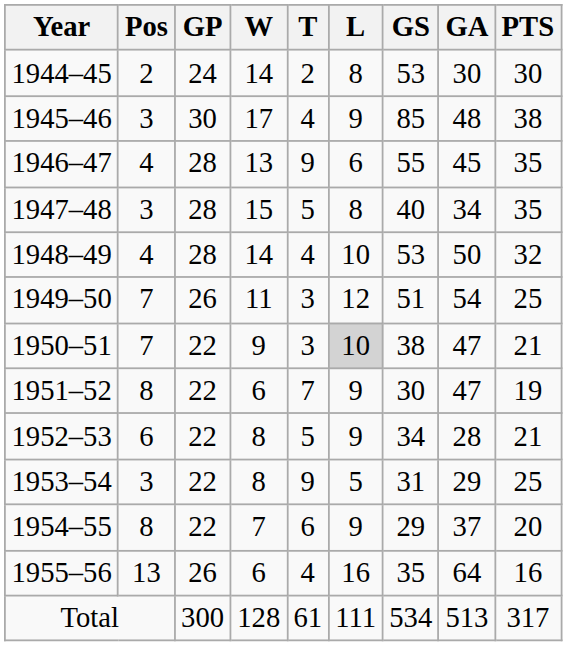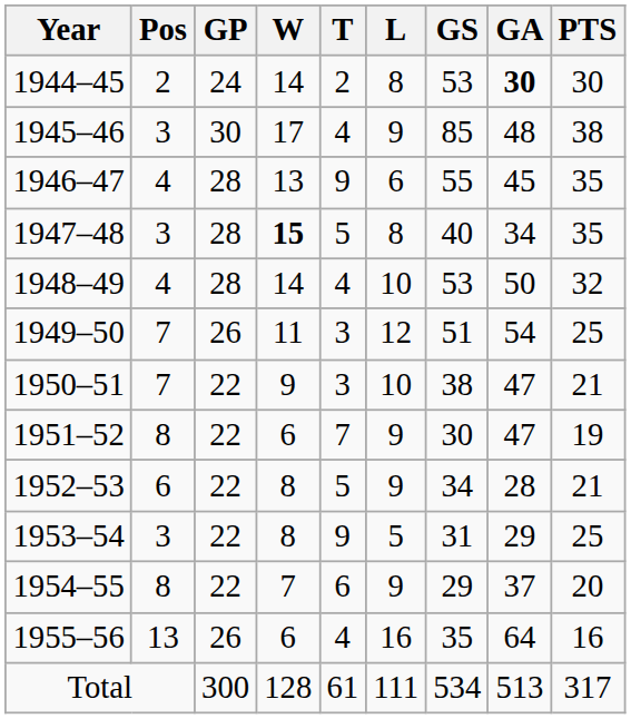 <table class="wikitable" style="text-align:center;">
 <tr>
 <th>Year</th>
 <th>Pos</th>
 <th>GP</th>
 <th>W</th>
 <th>T</th>
 <th>L</th>
 <th>GS</th>
 <th>GA</th>
 <th>PTS</th>
 </tr>
 <tr>
 <td>1944–45</td>
 <td>2</td>
 <td>24</td>
 <td>14</td>
 <td>2</td>
 <td>8</td>
 <td>53</td>
-<td>30</td>
+<td><strong>30</strong></td>
 <td>30</td>
 </tr>
 <tr>
 <td>1945–46</td>
 <td>3</td>
 <td>30</td>
 <td>17</td>
 <td>4</td>
 <td>9</td>
 <td>85</td>
 <td>48</td>
 <td>38</td>
 </tr>
 <tr>
 <td>1946–47</td>
 <td>4</td>
 <td>28</td>
 <td>13</td>
 <td>9</td>
 <td>6</td>
 <td>55</td>
 <td>45</td>
 <td>35</td>
 </tr>
 <tr>
 <td>1947–48</td>
 <td>3</td>
 <td>28</td>
-<td>15</td>
+<td><strong>15</strong></td>
 <td>5</td>
 <td>8</td>
 <td>40</td>
 <td>34</td>
 <td>35</td>
 </tr>
 <tr>
 <td>1948–49</td>
 <td>4</td>
 <td>28</td>
 <td>14</td>
 <td>4</td>
 <td>10</td>
 <td>53</td>
 <td>50</td>
 <td>32</td>
 </tr>
 <tr>
 <td>1949–50</td>
 <td>7</td>
 <td>26</td>
 <td>11</td>
 <td>3</td>
 <td>12</td>
 <td>51</td>
 <td>54</td>
 <td>25</td>
 </tr>
 <tr>
 <td>1950–51</td>
 <td>7</td>
 <td>22</td>
 <td>9</td>
 <td>3</td>
-<td style="background: lightgrey;">10</td>
+<td>10</td>
 <td>38</td>
 <td>47</td>
 <td>21</td>
 </tr>
 <tr>
 <td>1951–52</td>
 <td>8</td>
 <td>22</td>
 <td>6</td>
 <td>7</td>
 <td>9</td>
 <td>30</td>
 <td>47</td>
 <td>19</td>
 </tr>
 <tr>
 <td>1952–53</td>
 <td>6</td>
 <td>22</td>
 <td>8</td>
 <td>5</td>
 <td>9</td>
 <td>34</td>
 <td>28</td>
 <td>21</td>
 </tr>
 <tr>
 <td>1953–54</td>
 <td>3</td>
 <td>22</td>
 <td>8</td>
 <td>9</td>
 <td>5</td>
 <td>31</td>
 <td>29</td>
 <td>25</td>
 </tr>
 <tr>
 <td>1954–55</td>
 <td>8</td>
 <td>22</td>
 <td>7</td>
 <td>6</td>
 <td>9</td>
 <td>29</td>
 <td>37</td>
 <td>20</td>
 </tr>
 <tr>
 <td>1955–56</td>
 <td>13</td>
 <td>26</td>
 <td>6</td>
 <td>4</td>
 <td>16</td>
 <td>35</td>
 <td>64</td>
 <td>16</td>
 </tr>
 <tr>
 <td colspan="2">Total</td>
 <td>300</td>
 <td>128</td>
 <td>61</td>
 <td>111</td>
 <td>534</td>
 <td>513</td>
 <td>317</td>
 </tr>
 </table>
